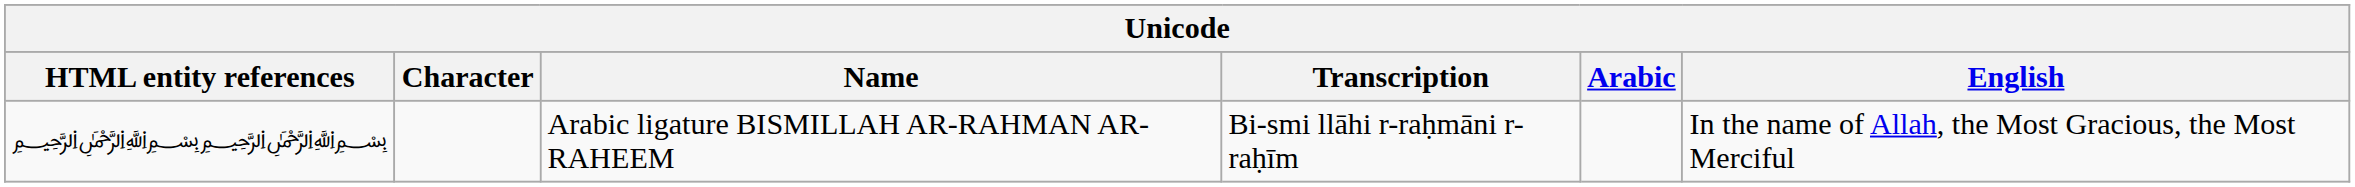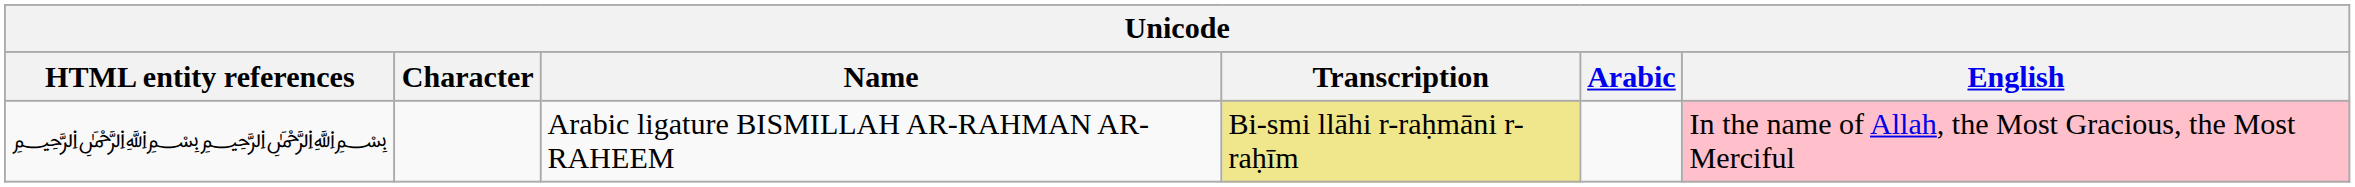 <table class="wikitable">
 <tr>
 <th colspan="6">Unicode</th>
 </tr>
 <tr>
 <th>HTML entity references</th>
 <th>Character</th>
 <th>Name</th>
 <th>Transcription</th>
 <th><a href='#'>Arabic</a></th>
 <th><a href='#'>English</a></th>
 </tr>
 <tr>
 <td><code>&#65021;</code><code>&#xFDFD;</code></td>
 <td></td>
 <td>Arabic ligature BISMILLAH AR-RAHMAN AR-RAHEEM</td>
-<td>Bi-smi llāhi r-raḥmāni r-raḥīm</td>
+<td style="background: khaki;">Bi-smi llāhi r-raḥmāni r-raḥīm</td>
 <td></td>
-<td>In the name of <a href='#'>Allah</a>, the Most Gracious, the Most Merciful</td>
+<td style="background: pink;">In the name of <a href='#'>Allah</a>, the Most Gracious, the Most Merciful</td>
 </tr>
 </table>
